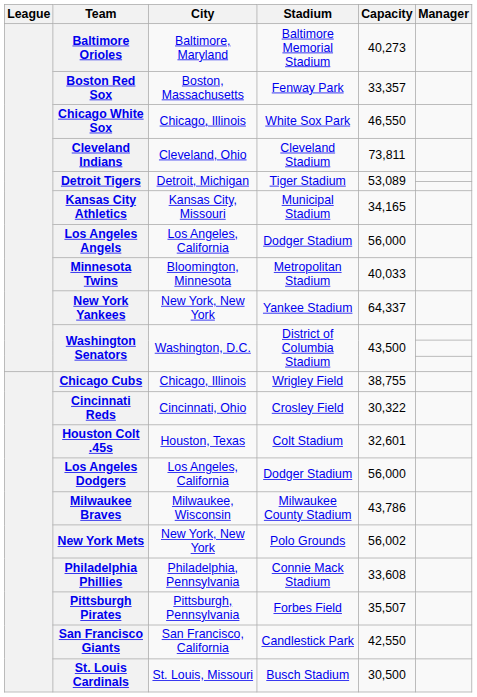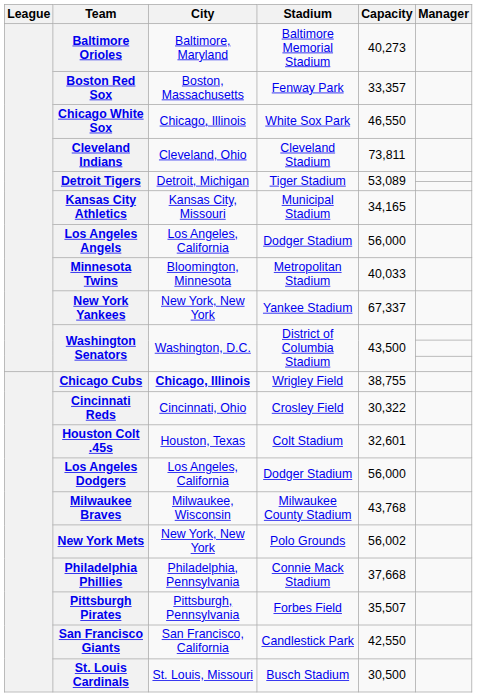 <table class="wikitable sortable plainrowheaders" style="text-align:center;">
 <tr>
 <th scope="col">League</th>
 <th scope="col">Team</th>
 <th scope="col">City</th>
 <th scope="col">Stadium</th>
 <th scope="col">Capacity</th>
 <th scope="col">Manager</th>
 </tr>
 <tr>
 <th rowspan="13"></th>
 <th scope="row"><a href='#'>Baltimore Orioles</a></th>
 <td><a href='#'>Baltimore, Maryland</a></td>
 <td><a href='#'>Baltimore Memorial Stadium</a></td>
 <td>40,273</td>
 <td></td>
 </tr>
 <tr>
 <th scope="row"><a href='#'>Boston Red Sox</a></th>
 <td><a href='#'>Boston, Massachusetts</a></td>
 <td><a href='#'>Fenway Park</a></td>
 <td>33,357</td>
 <td></td>
 </tr>
 <tr>
 <th scope="row"><a href='#'>Chicago White Sox</a></th>
 <td><a href='#'>Chicago, Illinois</a></td>
 <td><a href='#'>White Sox Park</a></td>
 <td>46,550</td>
 <td></td>
 </tr>
 <tr>
 <th scope="row"><a href='#'>Cleveland Indians</a></th>
 <td><a href='#'>Cleveland, Ohio</a></td>
 <td><a href='#'>Cleveland Stadium</a></td>
 <td>73,811</td>
 <td></td>
 </tr>
 <tr>
 <th rowspan="2" scope="row"><a href='#'>Detroit Tigers</a></th>
 <td rowspan="2"><a href='#'>Detroit, Michigan</a></td>
 <td rowspan="2"><a href='#'>Tiger Stadium</a></td>
 <td rowspan="2">53,089</td>
 <td></td>
 </tr>
 <tr>
 <td></td>
 </tr>
 <tr>
 <th scope="row"><a href='#'>Kansas City Athletics</a></th>
 <td><a href='#'>Kansas City, Missouri</a></td>
 <td><a href='#'>Municipal Stadium</a></td>
 <td>34,165</td>
 <td></td>
 </tr>
 <tr>
 <th scope="row"><a href='#'>Los Angeles Angels</a></th>
 <td><a href='#'>Los Angeles, California</a></td>
 <td><a href='#'>Dodger Stadium</a></td>
 <td>56,000</td>
 <td></td>
 </tr>
 <tr>
 <th scope="row"><a href='#'>Minnesota Twins</a></th>
 <td><a href='#'>Bloomington, Minnesota</a></td>
 <td><a href='#'>Metropolitan Stadium</a></td>
 <td>40,033</td>
 <td></td>
 </tr>
 <tr>
 <th scope="row"><a href='#'>New York Yankees</a></th>
 <td><a href='#'>New York, New York</a></td>
 <td><a href='#'>Yankee Stadium</a></td>
-<td>64,337</td>
+<td>67,337</td>
 <td></td>
 </tr>
 <tr>
 <th rowspan="3" scope="row"><a href='#'>Washington Senators</a></th>
 <td rowspan="3"><a href='#'>Washington, D.C.</a></td>
 <td rowspan="3"><a href='#'>District of Columbia Stadium</a></td>
 <td rowspan="3">43,500</td>
 <td></td>
 </tr>
 <tr>
 <td></td>
 </tr>
 <tr>
 <td></td>
 </tr>
 <tr>
 <th rowspan="10"></th>
 <th scope="row"><a href='#'>Chicago Cubs</a></th>
-<td><a href='#'>Chicago, Illinois</a></td>
+<td><strong><a href='#'>Chicago, Illinois</a></strong></td>
 <td><a href='#'>Wrigley Field</a></td>
 <td>38,755</td>
 <td></td>
 </tr>
 <tr>
 <th scope="row"><a href='#'>Cincinnati Reds</a></th>
 <td><a href='#'>Cincinnati, Ohio</a></td>
 <td><a href='#'>Crosley Field</a></td>
 <td>30,322</td>
 <td></td>
 </tr>
 <tr>
 <th scope="row"><a href='#'>Houston Colt .45s</a></th>
 <td><a href='#'>Houston, Texas</a></td>
 <td><a href='#'>Colt Stadium</a></td>
 <td>32,601</td>
 <td></td>
 </tr>
 <tr>
 <th scope="row"><a href='#'>Los Angeles Dodgers</a></th>
 <td><a href='#'>Los Angeles, California</a></td>
 <td><a href='#'>Dodger Stadium</a></td>
 <td>56,000</td>
 <td></td>
 </tr>
 <tr>
 <th scope="row"><a href='#'>Milwaukee Braves</a></th>
 <td><a href='#'>Milwaukee, Wisconsin</a></td>
 <td><a href='#'>Milwaukee County Stadium</a></td>
-<td>43,786</td>
+<td>43,768</td>
 <td></td>
 </tr>
 <tr>
 <th scope="row"><a href='#'>New York Mets</a></th>
 <td><a href='#'>New York, New York</a></td>
 <td><a href='#'>Polo Grounds</a></td>
 <td>56,002</td>
 <td></td>
 </tr>
 <tr>
 <th scope="row"><a href='#'>Philadelphia Phillies</a></th>
 <td><a href='#'>Philadelphia, Pennsylvania</a></td>
 <td><a href='#'>Connie Mack Stadium</a></td>
-<td>33,608</td>
+<td>37,668</td>
 <td></td>
 </tr>
 <tr>
 <th scope="row"><a href='#'>Pittsburgh Pirates</a></th>
 <td><a href='#'>Pittsburgh, Pennsylvania</a></td>
 <td><a href='#'>Forbes Field</a></td>
 <td>35,507</td>
 <td></td>
 </tr>
 <tr>
 <th scope="row"><a href='#'>San Francisco Giants</a></th>
 <td><a href='#'>San Francisco, California</a></td>
 <td><a href='#'>Candlestick Park</a></td>
 <td>42,550</td>
 <td></td>
 </tr>
 <tr>
 <th scope="row"><a href='#'>St. Louis Cardinals</a></th>
 <td><a href='#'>St. Louis, Missouri</a></td>
 <td><a href='#'>Busch Stadium</a></td>
 <td>30,500</td>
 <td></td>
 </tr>
 </table>
